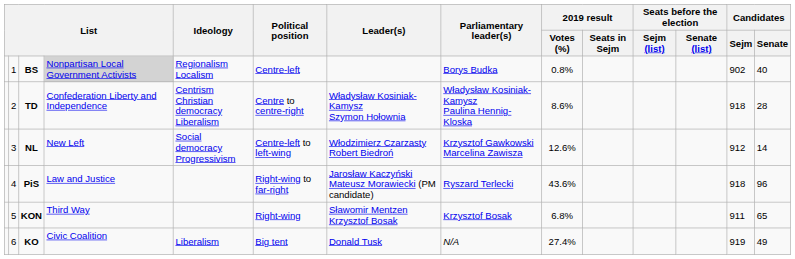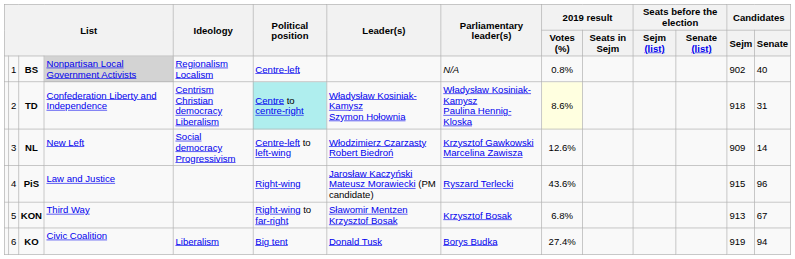 <table class=wikitable style="font-size:95%;">
 <tr>
 <th colspan="4" rowspan="2">List</th>
 <th rowspan="2">Ideology</th>
 <th rowspan="2">Political position</th>
 <th rowspan="2">Leader(s)</th>
 <th rowspan="2">Parliamentary leader(s)</th>
 <th colspan="2">2019 result</th>
 <th colspan="2">Seats before the election</th>
 <th colspan="2">Candidates</th>
 </tr>
 <tr>
 <th>Votes (%)</th>
 <th>Seats in Sejm</th>
 <th>Sejm <a href='#'>(list)</a></th>
 <th>Senate <a href='#'>(list)</a></th>
 <th>Sejm</th>
 <th>Senate</th>
 </tr>
 <tr>
 <td style="background:"></td>
 <td>1</td>
 <td style="text-align:center;"><strong>BS</strong></td>
 <td style="background: lightgrey;"><a href='#'>Nonpartisan Local Government Activists</a><br></td>
 <td><a href='#'>Regionalism</a><br><a href='#'>Localism</a></td>
 <td><a href='#'>Centre-left</a></td>
 <td></td>
-<td><a href='#'>Borys Budka</a></td>
+<td><em>N/A</em></td>
 <td style="text-align:center;">0.8%</td>
 <td></td>
 <td></td>
 <td></td>
 <td>902</td>
 <td>40</td>
 </tr>
 <tr>
 <td style="background:"></td>
 <td>2</td>
 <td style="text-align:center;"><strong>TD</strong></td>
 <td><a href='#'>Confederation Liberty and Independence</a><br><br></td>
 <td><a href='#'>Centrism</a><br><a href='#'>Christian democracy</a><br><a href='#'>Liberalism</a></td>
-<td><a href='#'>Centre</a> to <a href='#'>centre-right</a></td>
+<td style="background: paleturquoise;"><a href='#'>Centre</a> to <a href='#'>centre-right</a></td>
 <td><a href='#'>Władysław Kosiniak-Kamysz</a><br><a href='#'>Szymon Hołownia</a></td>
 <td><a href='#'>Władysław Kosiniak-Kamysz</a><br><a href='#'>Paulina Hennig-Kloska</a></td>
-<td style="text-align:center;">8.6%</td>
+<td style="background: lightyellow; text-align:center;">8.6%</td>
 <td></td>
 <td></td>
 <td></td>
 <td>918</td>
-<td>28</td>
+<td>31</td>
 </tr>
 <tr>
 <td style="background:"></td>
 <td>3</td>
 <td style="text-align:center;"><strong>NL</strong></td>
 <td><a href='#'>New Left</a><br><br></td>
 <td><a href='#'>Social democracy</a><br><a href='#'>Progressivism</a></td>
 <td><a href='#'>Centre-left</a> to <a href='#'>left-wing</a></td>
 <td><a href='#'>Włodzimierz Czarzasty</a><br><a href='#'>Robert Biedroń</a></td>
 <td><a href='#'>Krzysztof Gawkowski</a><br><a href='#'>Marcelina Zawisza</a></td>
 <td style="text-align:center;">12.6%</td>
 <td></td>
 <td></td>
 <td></td>
-<td>912</td>
+<td>909</td>
 <td>14</td>
 </tr>
 <tr>
 <td style="background:"></td>
 <td>4</td>
 <td style="text-align:center;"><strong>PiS</strong></td>
 <td><a href='#'>Law and Justice</a><br><br></td>
 <td></td>
-<td><a href='#'>Right-wing</a> to <a href='#'>far-right</a></td>
+<td><a href='#'>Right-wing</a></td>
 <td><a href='#'>Jarosław Kaczyński</a><br><a href='#'>Mateusz Morawiecki</a> (PM candidate)</td>
 <td><a href='#'>Ryszard Terlecki</a></td>
 <td style="text-align:center;">43.6%</td>
 <td></td>
 <td></td>
 <td></td>
-<td>918</td>
+<td>915</td>
 <td>96</td>
 </tr>
 <tr>
 <td style="background:"></td>
 <td>5</td>
 <td style="text-align:center;"><strong>KON</strong></td>
 <td><a href='#'>Third Way</a><br><br></td>
 <td></td>
-<td><a href='#'>Right-wing</a></td>
+<td><a href='#'>Right-wing</a> to <a href='#'>far-right</a></td>
 <td><a href='#'>Sławomir Mentzen</a><br><a href='#'>Krzysztof Bosak</a></td>
 <td><a href='#'>Krzysztof Bosak</a></td>
 <td style="text-align:center;">6.8%</td>
 <td></td>
 <td></td>
 <td></td>
-<td>911</td>
-<td>65</td>
+<td>913</td>
+<td>67</td>
 </tr>
 <tr>
 <td style="background:"></td>
 <td>6</td>
 <td style="text-align:center;"><strong>KO</strong></td>
 <td><a href='#'>Civic Coalition</a><br><br></td>
 <td><a href='#'>Liberalism</a></td>
 <td><a href='#'>Big tent</a></td>
 <td><a href='#'>Donald Tusk</a></td>
-<td><em>N/A</em></td>
+<td><a href='#'>Borys Budka</a></td>
 <td style="text-align:center;">27.4%</td>
 <td></td>
 <td></td>
 <td></td>
 <td>919</td>
-<td>49</td>
+<td>94</td>
 </tr>
 </table>
